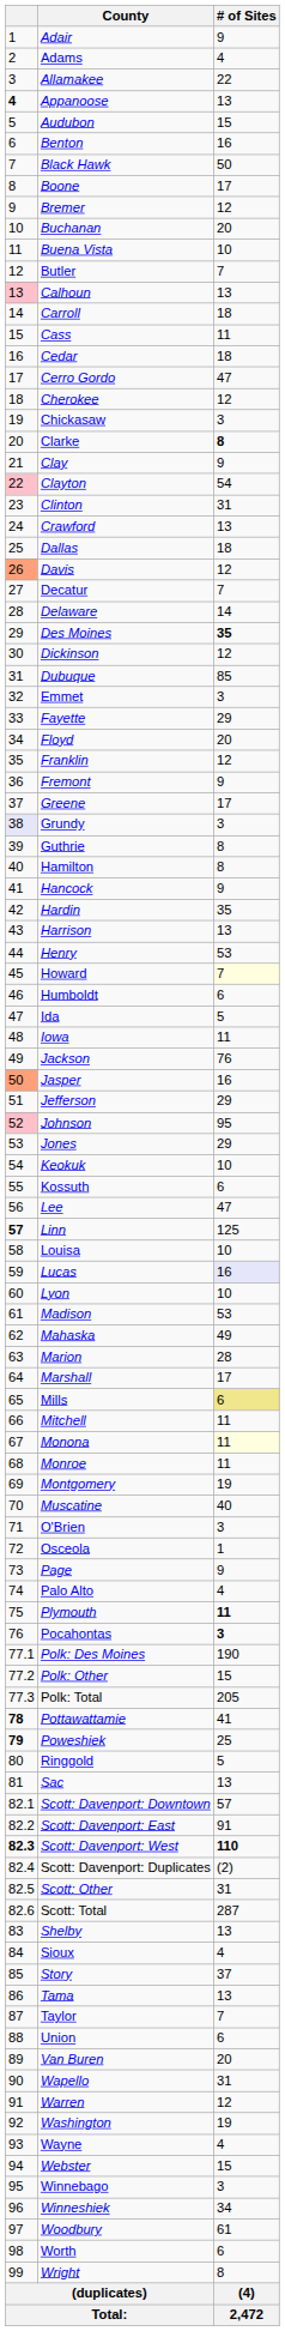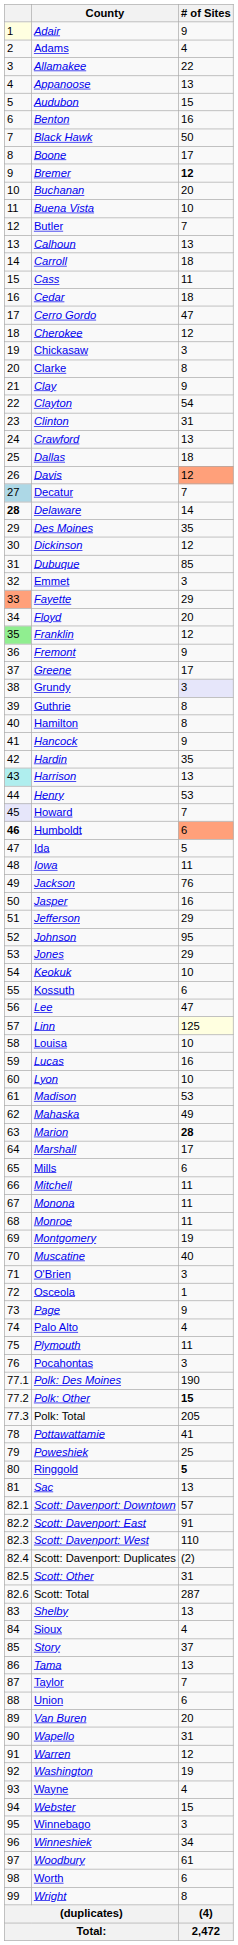 <table class="wikitable sortable">
 <tr>
 <th></th>
 <th><strong>County</strong></th>
 <th><strong># of Sites</strong></th>
 </tr>
 <tr ->
-<td>1</td>
+<td style="background: lightyellow;">1</td>
 <td><em><a href='#'>Adair</a></em></td>
 <td>9</td>
 </tr>
 <tr ->
 <td>2</td>
 <td><a href='#'>Adams</a></td>
 <td>4</td>
 </tr>
 <tr ->
 <td>3</td>
 <td><em><a href='#'>Allamakee</a></em></td>
 <td>22</td>
 </tr>
 <tr ->
-<td><strong>4</strong></td>
+<td>4</td>
 <td><em><a href='#'>Appanoose</a></em></td>
 <td>13</td>
 </tr>
 <tr ->
 <td>5</td>
 <td><em><a href='#'>Audubon</a></em></td>
 <td>15</td>
 </tr>
 <tr ->
 <td>6</td>
 <td><em><a href='#'>Benton</a></em></td>
 <td>16</td>
 </tr>
 <tr ->
 <td>7</td>
 <td><em><a href='#'>Black Hawk</a></em></td>
 <td>50</td>
 </tr>
 <tr ->
 <td>8</td>
 <td><em><a href='#'>Boone</a></em></td>
 <td>17</td>
 </tr>
 <tr ->
 <td>9</td>
 <td><em><a href='#'>Bremer</a></em></td>
-<td>12</td>
+<td><strong>12</strong></td>
 </tr>
 <tr ->
 <td>10</td>
 <td><em><a href='#'>Buchanan</a></em></td>
 <td>20</td>
 </tr>
 <tr ->
 <td>11</td>
 <td><em><a href='#'>Buena Vista</a></em></td>
 <td>10</td>
 </tr>
 <tr ->
 <td>12</td>
 <td><a href='#'>Butler</a></td>
 <td>7</td>
 </tr>
 <tr ->
-<td style="background: pink;">13</td>
+<td>13</td>
 <td><em><a href='#'>Calhoun</a></em></td>
 <td>13</td>
 </tr>
 <tr ->
 <td>14</td>
 <td><em><a href='#'>Carroll</a></em></td>
 <td>18</td>
 </tr>
 <tr ->
 <td>15</td>
 <td><em><a href='#'>Cass</a></em></td>
 <td>11</td>
 </tr>
 <tr ->
 <td>16</td>
 <td><em><a href='#'>Cedar</a></em></td>
 <td>18</td>
 </tr>
 <tr ->
 <td>17</td>
 <td><em><a href='#'>Cerro Gordo</a></em></td>
 <td>47</td>
 </tr>
 <tr ->
 <td>18</td>
 <td><em><a href='#'>Cherokee</a></em></td>
 <td>12</td>
 </tr>
 <tr ->
 <td>19</td>
 <td><a href='#'>Chickasaw</a></td>
 <td>3</td>
 </tr>
 <tr ->
 <td>20</td>
 <td><a href='#'>Clarke</a></td>
-<td><strong>8</strong></td>
+<td>8</td>
 </tr>
 <tr ->
 <td>21</td>
 <td><em><a href='#'>Clay</a></em></td>
 <td>9</td>
 </tr>
 <tr ->
-<td style="background: pink;">22</td>
+<td>22</td>
 <td><em><a href='#'>Clayton</a></em></td>
 <td>54</td>
 </tr>
 <tr ->
 <td>23</td>
 <td><em><a href='#'>Clinton</a></em></td>
 <td>31</td>
 </tr>
 <tr ->
 <td>24</td>
 <td><em><a href='#'>Crawford</a></em></td>
 <td>13</td>
 </tr>
 <tr ->
 <td>25</td>
 <td><em><a href='#'>Dallas</a></em></td>
 <td>18</td>
 </tr>
 <tr ->
-<td style="background: lightsalmon;">26</td>
+<td>26</td>
 <td><em><a href='#'>Davis</a></em></td>
-<td>12</td>
+<td style="background: lightsalmon;">12</td>
 </tr>
 <tr ->
-<td>27</td>
+<td style="background: lightblue;">27</td>
 <td><a href='#'>Decatur</a></td>
 <td>7</td>
 </tr>
 <tr ->
-<td>28</td>
+<td><strong>28</strong></td>
 <td><em><a href='#'>Delaware</a></em></td>
 <td>14</td>
 </tr>
 <tr ->
 <td>29</td>
 <td><em><a href='#'>Des Moines</a></em></td>
-<td><strong>35</strong></td>
+<td>35</td>
 </tr>
 <tr ->
 <td>30</td>
 <td><em><a href='#'>Dickinson</a></em></td>
 <td>12</td>
 </tr>
 <tr ->
 <td>31</td>
 <td><em><a href='#'>Dubuque</a></em></td>
 <td>85</td>
 </tr>
 <tr ->
 <td>32</td>
 <td><a href='#'>Emmet</a></td>
 <td>3</td>
 </tr>
 <tr ->
-<td>33</td>
+<td style="background: lightsalmon;">33</td>
 <td><em><a href='#'>Fayette</a></em></td>
 <td>29</td>
 </tr>
 <tr ->
 <td>34</td>
 <td><em><a href='#'>Floyd</a></em></td>
 <td>20</td>
 </tr>
 <tr ->
-<td>35</td>
+<td style="background: lightgreen;">35</td>
 <td><em><a href='#'>Franklin</a></em></td>
 <td>12</td>
 </tr>
 <tr ->
 <td>36</td>
 <td><em><a href='#'>Fremont</a></em></td>
 <td>9</td>
 </tr>
 <tr ->
 <td>37</td>
 <td><em><a href='#'>Greene</a></em></td>
 <td>17</td>
 </tr>
 <tr ->
-<td style="background: lavender;">38</td>
+<td>38</td>
 <td><a href='#'>Grundy</a></td>
-<td>3</td>
+<td style="background: lavender;">3</td>
 </tr>
 <tr ->
 <td>39</td>
 <td><a href='#'>Guthrie</a></td>
 <td>8</td>
 </tr>
 <tr ->
 <td>40</td>
 <td><a href='#'>Hamilton</a></td>
 <td>8</td>
 </tr>
 <tr ->
 <td>41</td>
 <td><em><a href='#'>Hancock</a></em></td>
 <td>9</td>
 </tr>
 <tr ->
 <td>42</td>
 <td><em><a href='#'>Hardin</a></em></td>
 <td>35</td>
 </tr>
 <tr ->
-<td>43</td>
+<td style="background: paleturquoise;">43</td>
 <td><em><a href='#'>Harrison</a></em></td>
 <td>13</td>
 </tr>
 <tr ->
 <td>44</td>
 <td><em><a href='#'>Henry</a></em></td>
 <td>53</td>
 </tr>
 <tr ->
-<td>45</td>
+<td style="background: lavender;">45</td>
 <td><a href='#'>Howard</a></td>
-<td style="background: lightyellow;">7</td>
+<td>7</td>
 </tr>
 <tr ->
-<td>46</td>
+<td><strong>46</strong></td>
 <td><a href='#'>Humboldt</a></td>
-<td>6</td>
+<td style="background: lightsalmon;">6</td>
 </tr>
 <tr ->
 <td>47</td>
 <td><a href='#'>Ida</a></td>
 <td>5</td>
 </tr>
 <tr ->
 <td>48</td>
 <td><em><a href='#'>Iowa</a></em></td>
 <td>11</td>
 </tr>
 <tr ->
 <td>49</td>
 <td><em><a href='#'>Jackson</a></em></td>
 <td>76</td>
 </tr>
 <tr ->
-<td style="background: lightsalmon;">50</td>
+<td>50</td>
 <td><em><a href='#'>Jasper</a></em></td>
 <td>16</td>
 </tr>
 <tr ->
 <td>51</td>
 <td><em><a href='#'>Jefferson</a></em></td>
 <td>29</td>
 </tr>
 <tr ->
-<td style="background: pink;">52</td>
+<td>52</td>
 <td><em><a href='#'>Johnson</a></em></td>
 <td>95</td>
 </tr>
 <tr ->
 <td>53</td>
 <td><em><a href='#'>Jones</a></em></td>
 <td>29</td>
 </tr>
 <tr ->
 <td>54</td>
 <td><em><a href='#'>Keokuk</a></em></td>
 <td>10</td>
 </tr>
 <tr ->
 <td>55</td>
 <td><a href='#'>Kossuth</a></td>
 <td>6</td>
 </tr>
 <tr ->
 <td>56</td>
 <td><em><a href='#'>Lee</a></em></td>
 <td>47</td>
 </tr>
 <tr ->
-<td><strong>57</strong></td>
+<td>57</td>
 <td><em><a href='#'>Linn</a></em></td>
-<td>125</td>
+<td style="background: lightyellow;">125</td>
 </tr>
 <tr ->
 <td>58</td>
 <td><a href='#'>Louisa</a></td>
 <td>10</td>
 </tr>
 <tr ->
 <td>59</td>
 <td><em><a href='#'>Lucas</a></em></td>
-<td style="background: lavender;">16</td>
+<td>16</td>
 </tr>
 <tr ->
 <td>60</td>
 <td><em><a href='#'>Lyon</a></em></td>
 <td>10</td>
 </tr>
 <tr ->
 <td>61</td>
 <td><em><a href='#'>Madison</a></em></td>
 <td>53</td>
 </tr>
 <tr ->
 <td>62</td>
 <td><em><a href='#'>Mahaska</a></em></td>
 <td>49</td>
 </tr>
 <tr ->
 <td>63</td>
 <td><em><a href='#'>Marion</a></em></td>
-<td>28</td>
+<td><strong>28</strong></td>
 </tr>
 <tr ->
 <td>64</td>
 <td><em><a href='#'>Marshall</a></em></td>
 <td>17</td>
 </tr>
 <tr ->
 <td>65</td>
 <td><a href='#'>Mills</a></td>
-<td style="background: khaki;">6</td>
+<td>6</td>
 </tr>
 <tr ->
 <td>66</td>
 <td><em><a href='#'>Mitchell</a></em></td>
 <td>11</td>
 </tr>
 <tr ->
 <td>67</td>
 <td><em><a href='#'>Monona</a></em></td>
-<td style="background: lightyellow;">11</td>
+<td>11</td>
 </tr>
 <tr ->
 <td>68</td>
 <td><em><a href='#'>Monroe</a></em></td>
 <td>11</td>
 </tr>
 <tr ->
 <td>69</td>
 <td><em><a href='#'>Montgomery</a></em></td>
 <td>19</td>
 </tr>
 <tr ->
 <td>70</td>
 <td><em><a href='#'>Muscatine</a></em></td>
 <td>40</td>
 </tr>
 <tr ->
 <td>71</td>
 <td><a href='#'>O'Brien</a></td>
 <td>3</td>
 </tr>
 <tr ->
 <td>72</td>
 <td><a href='#'>Osceola</a></td>
 <td>1</td>
 </tr>
 <tr ->
 <td>73</td>
 <td><em><a href='#'>Page</a></em></td>
 <td>9</td>
 </tr>
 <tr ->
 <td>74</td>
 <td><a href='#'>Palo Alto</a></td>
 <td>4</td>
 </tr>
 <tr ->
 <td>75</td>
 <td><em><a href='#'>Plymouth</a></em></td>
-<td><strong>11</strong></td>
+<td>11</td>
 </tr>
 <tr ->
 <td>76</td>
 <td><a href='#'>Pocahontas</a></td>
-<td><strong>3</strong></td>
+<td>3</td>
 </tr>
 <tr ->
 <td>77.1</td>
 <td><em><a href='#'>Polk: Des Moines</a></em></td>
 <td>190</td>
 </tr>
 <tr ->
 <td>77.2</td>
 <td><em><a href='#'>Polk: Other</a></em></td>
-<td>15</td>
+<td><strong>15</strong></td>
 </tr>
 <tr ->
 <td>77.3</td>
 <td>Polk: Total</td>
 <td>205</td>
 </tr>
 <tr ->
-<td><strong>78</strong></td>
+<td>78</td>
 <td><em><a href='#'>Pottawattamie</a></em></td>
 <td>41</td>
 </tr>
 <tr ->
-<td><strong>79</strong></td>
+<td>79</td>
 <td><em><a href='#'>Poweshiek</a></em></td>
 <td>25</td>
 </tr>
 <tr ->
 <td>80</td>
 <td><a href='#'>Ringgold</a></td>
-<td>5</td>
+<td><strong>5</strong></td>
 </tr>
 <tr ->
 <td>81</td>
 <td><em><a href='#'>Sac</a></em></td>
 <td>13</td>
 </tr>
 <tr ->
 <td>82.1</td>
 <td><em><a href='#'>Scott: Davenport: Downtown</a></em></td>
 <td>57</td>
 </tr>
 <tr ->
 <td>82.2</td>
 <td><em><a href='#'>Scott: Davenport: East</a></em></td>
 <td>91</td>
 </tr>
 <tr ->
-<td><strong>82.3</strong></td>
+<td>82.3</td>
 <td><em><a href='#'>Scott: Davenport: West</a></em></td>
-<td><strong>110</strong></td>
+<td>110</td>
 </tr>
 <tr ->
 <td>82.4</td>
 <td>Scott: Davenport: Duplicates</td>
 <td>(2)</td>
 </tr>
 <tr ->
 <td>82.5</td>
 <td><em><a href='#'>Scott: Other</a></em></td>
 <td>31</td>
 </tr>
 <tr ->
 <td>82.6</td>
 <td>Scott: Total</td>
 <td>287</td>
 </tr>
 <tr ->
 <td>83</td>
 <td><em><a href='#'>Shelby</a></em></td>
 <td>13</td>
 </tr>
 <tr ->
 <td>84</td>
 <td><a href='#'>Sioux</a></td>
 <td>4</td>
 </tr>
 <tr ->
 <td>85</td>
 <td><em><a href='#'>Story</a></em></td>
 <td>37</td>
 </tr>
 <tr ->
 <td>86</td>
 <td><em><a href='#'>Tama</a></em></td>
 <td>13</td>
 </tr>
 <tr ->
 <td>87</td>
 <td><a href='#'>Taylor</a></td>
 <td>7</td>
 </tr>
 <tr ->
 <td>88</td>
 <td><a href='#'>Union</a></td>
 <td>6</td>
 </tr>
 <tr ->
 <td>89</td>
 <td><em><a href='#'>Van Buren</a></em></td>
 <td>20</td>
 </tr>
 <tr ->
 <td>90</td>
 <td><em><a href='#'>Wapello</a></em></td>
 <td>31</td>
 </tr>
 <tr ->
 <td>91</td>
 <td><em><a href='#'>Warren</a></em></td>
 <td>12</td>
 </tr>
 <tr ->
 <td>92</td>
 <td><em><a href='#'>Washington</a></em></td>
 <td>19</td>
 </tr>
 <tr ->
 <td>93</td>
 <td><a href='#'>Wayne</a></td>
 <td>4</td>
 </tr>
 <tr ->
 <td>94</td>
 <td><em><a href='#'>Webster</a></em></td>
 <td>15</td>
 </tr>
 <tr ->
 <td>95</td>
 <td><a href='#'>Winnebago</a></td>
 <td>3</td>
 </tr>
 <tr ->
 <td>96</td>
 <td><em><a href='#'>Winneshiek</a></em></td>
 <td>34</td>
 </tr>
 <tr ->
 <td>97</td>
 <td><em><a href='#'>Woodbury</a></em></td>
 <td>61</td>
 </tr>
 <tr ->
 <td>98</td>
 <td><a href='#'>Worth</a></td>
 <td>6</td>
 </tr>
 <tr ->
 <td>99</td>
 <td><em><a href='#'>Wright</a></em></td>
 <td>8</td>
 </tr>
 <tr class="sortbottom">
 <th colspan="2">(duplicates)</th>
 <th>(4)</th>
 </tr>
 <tr class="sortbottom">
 <th colspan="2">Total:</th>
 <th>2,472</th>
 </tr>
 </table>
